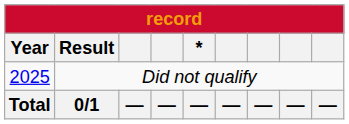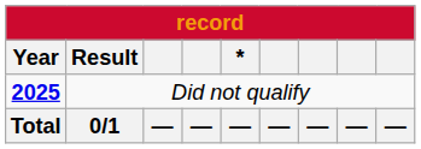 <table class="wikitable mw-collapsible" style="text-align: center;font-size:95%;">
 <tr>
 <th colspan="9" style="background: #CC092F; color: #F39D0B;"><a href='#'></a> record</th>
 </tr>
 <tr>
 <th>Year</th>
 <th>Result</th>
 <th width=20></th>
 <th width=20></th>
 <th width=20>*</th>
 <th width=20></th>
 <th width=20></th>
 <th width=20></th>
 <th width=20></th>
 </tr>
 <tr>
-<td> <a href='#'>2025</a></td>
+<td><strong> <a href='#'>2025</a></strong></td>
 <td colspan="8"><em>Did not qualify</em></td>
 </tr>
 <tr>
 <th>Total</th>
 <th>0/1</th>
 <th>—</th>
 <th>—</th>
 <th>—</th>
 <th>—</th>
 <th>—</th>
 <th>—</th>
 <th>—</th>
 </tr>
 </table>
